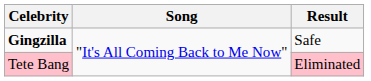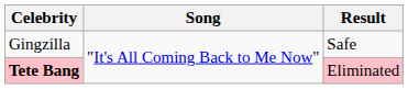 <table class="wikitable sortable collapsed">
 <tr>
 <th>Celebrity</th>
 <th>Song</th>
 <th>Result</th>
 </tr>
 <tr>
-<td><strong>Gingzilla</strong></td>
+<td>Gingzilla</td>
 <td rowspan=2>"<a href='#'>It's All Coming Back to Me Now</a>"</td>
 <td>Safe</td>
 </tr>
 <tr>
-<td style="background:pink;">Tete Bang</td>
+<td style="background:pink;"><strong>Tete Bang</strong></td>
 <td style="background:pink;">Eliminated</td>
 </tr>
 </table>
